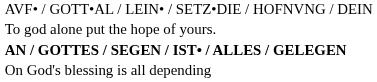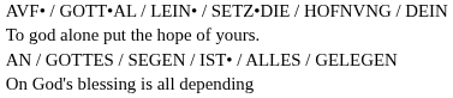 <table>
 <tr>
 <td>AVF• / GOTT•AL / LEIN• / SETZ•DIE / HOFNVNG / DEIN</td>
 </tr>
 <tr>
 <td>To god alone put the hope of yours.</td>
 </tr>
 <tr>
-<td><strong>AN / GOTTES / SEGEN / IST• / ALLES / GELEGEN</strong></td>
+<td>AN / GOTTES / SEGEN / IST• / ALLES / GELEGEN</td>
 </tr>
 <tr>
 <td>On God's blessing is all depending</td>
 </tr>
 </table>
